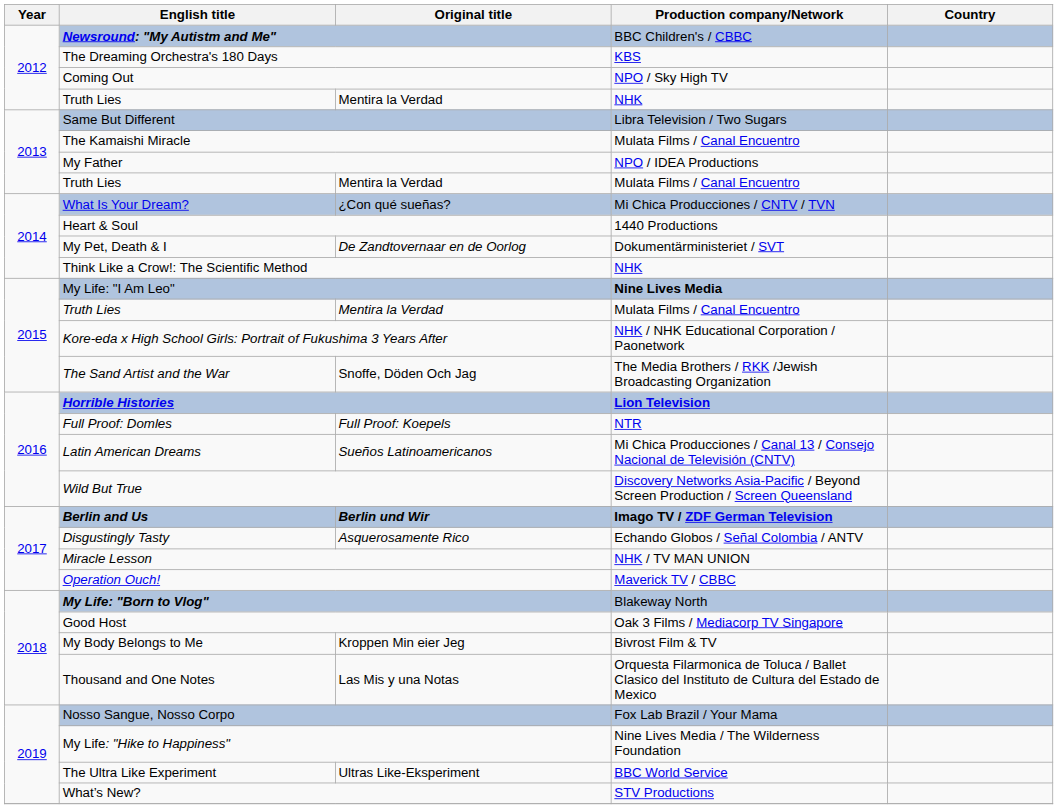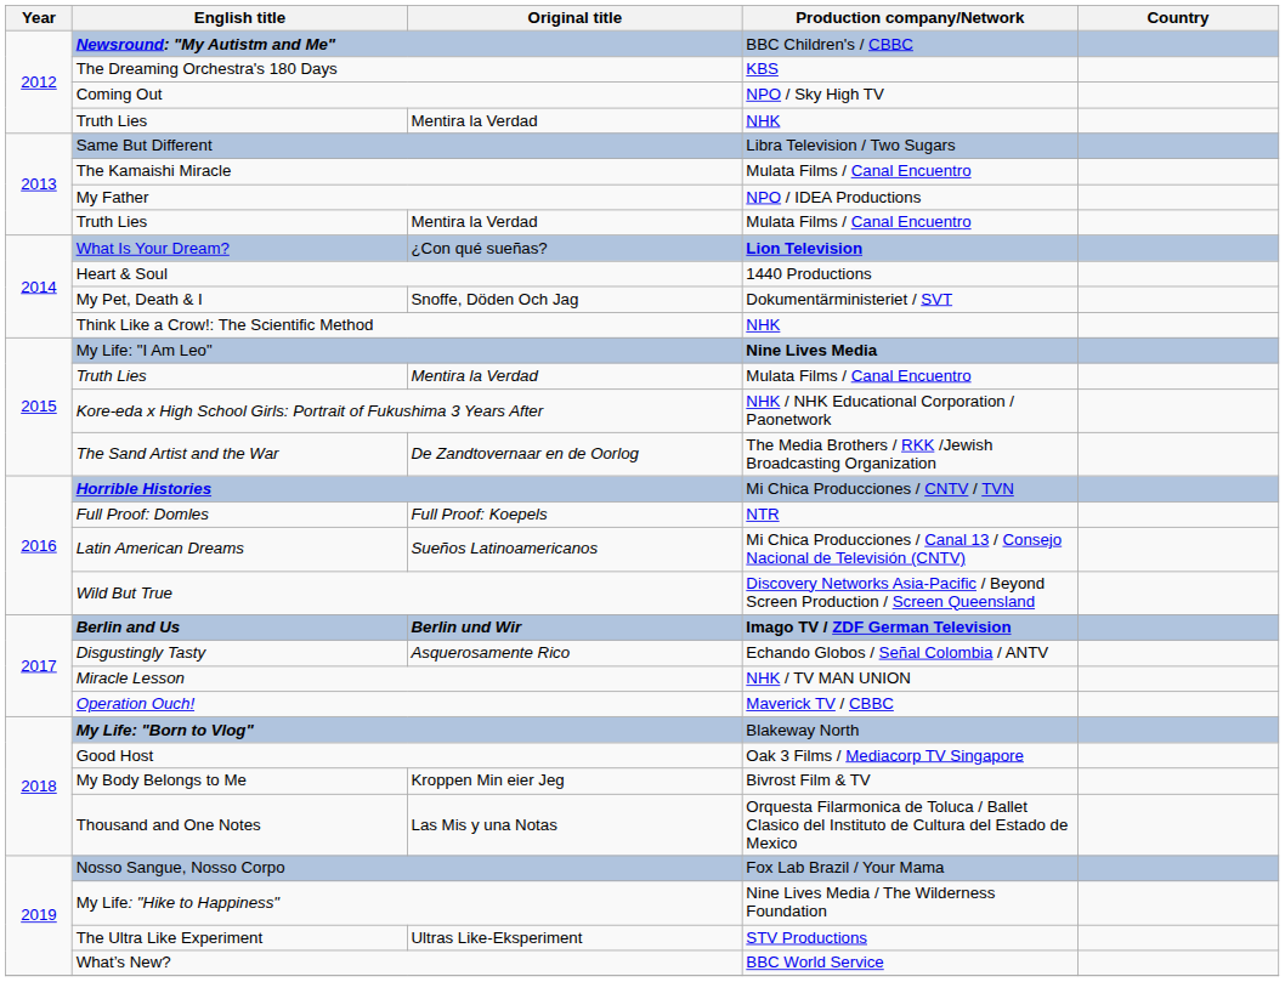 <table class="wikitable" width="100%" border="1" cellpadding="5" cellspacing="0">
 <tr>
 <th width=5%>Year</th>
 <th width=25%>English title</th>
 <th width=25%>Original title</th>
 <th width=25%><strong>Production company/Network</strong></th>
 <th width=15%><strong>Country</strong></th>
 </tr>
 <tr>
 <td rowspan="4" style="text-align:center;"><a href='#'>2012</a><br></td>
 <td colspan="2" style="background:#B0C4DE;"><strong><em><a href='#'>Newsround</a><em>: "My Autistm and Me"<strong></td>
 <td style="background:#B0C4DE;"></strong>BBC Children's / <a href='#'>CBBC</a><strong></td>
 <td style="background:#B0C4DE;"></strong><strong></td>
 </tr>
 <tr>
 <td colspan="2"></em>The Dreaming Orchestra's 180 Days<em></td>
 <td><a href='#'>KBS</a></td>
 <td></td>
 </tr>
 <tr>
 <td colspan="2"></em>Coming Out<em></td>
 <td><a href='#'>NPO</a> / Sky High TV</td>
 <td></td>
 </tr>
 <tr>
 <td></em>Truth Lies<em></td>
 <td></em>Mentira la Verdad<em></td>
 <td><a href='#'>NHK</a></td>
 <td></td>
 </tr>
 <tr>
 <td rowspan="4" style="text-align:center;"><a href='#'>2013</a><br></td>
 <td colspan="2" style="background:#B0C4DE;"></em></strong>Same But Different<strong><em></td>
 <td style="background:#B0C4DE;"></strong>Libra Television / Two Sugars<strong></td>
 <td style="background:#B0C4DE;"></strong><strong></td>
 </tr>
 <tr>
 <td colspan="2"></em>The Kamaishi Miracle<em></td>
 <td>Mulata Films / <a href='#'>Canal Encuentro</a></td>
 <td></td>
 </tr>
 <tr>
 <td colspan="2"></em>My Father<em></td>
 <td><a href='#'>NPO</a> / IDEA Productions</td>
 <td></td>
 </tr>
 <tr>
 <td></em>Truth Lies<em></td>
 <td></em>Mentira la Verdad<em></td>
 <td>Mulata Films / <a href='#'>Canal Encuentro</a></td>
 <td></td>
 </tr>
 <tr>
 <td rowspan="4" style="text-align:center;"><a href='#'>2014</a><br></td>
 <td style="background:#B0C4DE;"></em></strong><a href='#'>What Is Your Dream?</a><strong><em></td>
 <td style="background:#B0C4DE;"></em></strong>¿Con qué sueñas?<strong><em></td>
-<td style="background:#B0C4DE;"></strong>Mi Chica Producciones / <a href='#'>CNTV</a> / <a href='#'>TVN</a><strong></td>
+<td style="background:#B0C4DE;"><strong><a href='#'>Lion Television</a></strong></td>
 <td style="background:#B0C4DE;"></strong><strong></td>
 </tr>
 <tr>
 <td colspan="2"></em>Heart & Soul<em></td>
 <td>1440 Productions</td>
 <td></td>
 </tr>
 <tr>
 <td></em>My Pet, Death & I<em></td>
-<td><em>De Zandtovernaar en de Oorlog</em></td>
+<td></em>Snoffe, Döden Och Jag<em></td>
 <td>Dokumentärministeriet / <a href='#'>SVT</a></td>
 <td></td>
 </tr>
 <tr>
 <td colspan="2"></em>Think Like a Crow!: The Scientific Method<em></td>
 <td><a href='#'>NHK</a></td>
 <td></td>
 </tr>
 <tr>
 <td rowspan="4" style="text-align:center;"><a href='#'>2015</a><br></td>
 <td colspan="2" style="background:#B0C4DE;"></em></strong>My Life</em>: "I Am Leo"</strong></td>
 <td style="background:#B0C4DE;"><strong>Nine Lives Media</strong></td>
 <td style="background:#B0C4DE;"><strong></strong></td>
 </tr>
 <tr>
 <td><em>Truth Lies</em></td>
 <td><em>Mentira la Verdad</em></td>
 <td>Mulata Films / <a href='#'>Canal Encuentro</a></td>
 <td></td>
 </tr>
 <tr>
 <td colspan="2"><em>Kore-eda x High School Girls: Portrait of Fukushima 3 Years After</em></td>
 <td><a href='#'>NHK</a> / NHK Educational Corporation / Paonetwork</td>
 <td></td>
 </tr>
 <tr>
 <td><em>The Sand Artist and the War</em></td>
-<td></em>Snoffe, Döden Och Jag<em></td>
+<td><em>De Zandtovernaar en de Oorlog</em></td>
 <td>The Media Brothers / <a href='#'>RKK</a> /Jewish Broadcasting Organization</td>
 <td></td>
 </tr>
 <tr>
 <td rowspan="4" style="text-align:center;"><a href='#'>2016</a><br></td>
 <td colspan="2" style="background:#B0C4DE;"><strong><em><a href='#'>Horrible Histories</a></em></strong></td>
-<td style="background:#B0C4DE;"><strong><a href='#'>Lion Television</a></strong></td>
+<td style="background:#B0C4DE;"></strong>Mi Chica Producciones / <a href='#'>CNTV</a> / <a href='#'>TVN</a><strong></td>
 <td style="background:#B0C4DE;"><strong></strong></td>
 </tr>
 <tr>
 <td><em>Full Proof: Domles</em></td>
 <td><em>Full Proof: Koepels</em></td>
 <td><a href='#'>NTR</a></td>
 <td></td>
 </tr>
 <tr>
 <td><em>Latin American Dreams</em></td>
 <td><em>Sueños Latinoamericanos</em></td>
 <td>Mi Chica Producciones / <a href='#'>Canal 13</a> / <a href='#'>Consejo Nacional de Televisión (CNTV)</a></td>
 <td></td>
 </tr>
 <tr>
 <td colspan="2"><em>Wild But True</em></td>
 <td><a href='#'>Discovery Networks Asia-Pacific</a> / Beyond Screen Production / <a href='#'>Screen Queensland</a></td>
 <td></td>
 </tr>
 <tr>
 <td rowspan="4" style="text-align:center;"><a href='#'>2017</a><br></td>
 <td style="background:#B0C4DE;"><strong><em>Berlin and Us</em></strong></td>
 <td style="background:#B0C4DE;"><strong><em>Berlin und Wir</em></strong></td>
 <td style="background:#B0C4DE;"><strong>Imago TV / <a href='#'>ZDF German Television</a></strong></td>
 <td style="background:#B0C4DE;"><strong></strong></td>
 </tr>
 <tr>
 <td><em>Disgustingly Tasty</em></td>
 <td><em>Asquerosamente Rico</em></td>
 <td>Echando Globos / <a href='#'>Señal Colombia</a> / ANTV</td>
 <td></td>
 </tr>
 <tr>
 <td colspan="2"><em>Miracle Lesson</em></td>
 <td><a href='#'>NHK</a> / TV MAN UNION</td>
 <td></td>
 </tr>
 <tr>
 <td colspan="2"><em><a href='#'>Operation Ouch!</a></em></td>
 <td><a href='#'>Maverick TV</a> / <a href='#'>CBBC</a></td>
 <td></td>
 </tr>
 <tr>
 <td rowspan="4" style="text-align:center;"><a href='#'>2018</a><br></td>
 <td colspan="2" style="background:#B0C4DE;"><strong><em>My Life<em>: "Born to Vlog"<strong></td>
 <td style="background:#B0C4DE;"></strong>Blakeway North<strong></td>
 <td style="background:#B0C4DE;"></strong><strong></td>
 </tr>
 <tr>
 <td colspan="2"></em>Good Host<em></td>
 <td>Oak 3 Films / <a href='#'>Mediacorp TV Singapore</a></td>
 <td></td>
 </tr>
 <tr>
 <td></em>My Body Belongs to Me<em></td>
 <td></em>Kroppen Min eier Jeg<em></td>
 <td>Bivrost Film & TV</td>
 <td></td>
 </tr>
 <tr>
 <td></em>Thousand and One Notes<em></td>
 <td></em>Las Mis y una Notas<em></td>
 <td>Orquesta Filarmonica de Toluca / Ballet Clasico del Instituto de Cultura del Estado de Mexico</td>
 <td></td>
 </tr>
 <tr>
 <td rowspan="4" style="text-align:center;"><a href='#'>2019</a><br></td>
 <td colspan="2" style="background:#B0C4DE;"></em></strong>Nosso Sangue, Nosso Corpo<strong><em></td>
 <td style="background:#B0C4DE;"></strong>Fox Lab Brazil / Your Mama<strong></td>
 <td style="background:#B0C4DE;"></strong><strong></td>
 </tr>
 <tr>
 <td colspan="2"></em>My Life<em>: "Hike to Happiness"</td>
 <td>Nine Lives Media / The Wilderness Foundation</td>
 <td></td>
 </tr>
 <tr>
 <td></em>The Ultra Like Experiment<em></td>
 <td></em>Ultras Like-Eksperiment<em></td>
-<td><a href='#'>BBC World Service</a></td>
+<td><a href='#'>STV Productions</a></td>
 <td></td>
 </tr>
 <tr>
 <td colspan="2"></em>What’s New?<em></td>
-<td><a href='#'>STV Productions</a></td>
+<td><a href='#'>BBC World Service</a></td>
 <td></td>
 </tr>
 <tr>
 </tr>
 </table>
